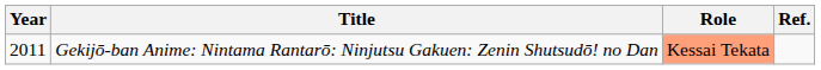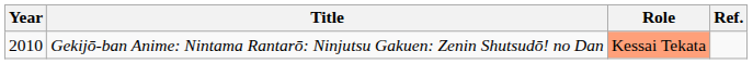 <table class="wikitable">
 <tr>
 <th>Year</th>
 <th>Title</th>
 <th>Role</th>
 <th>Ref.</th>
 </tr>
 <tr>
-<td>2011</td>
+<td>2010</td>
 <td><em>Gekijō-ban Anime: Nintama Rantarō: Ninjutsu Gakuen: Zenin Shutsudō! no Dan</em></td>
 <td style="background: lightsalmon;">Kessai Tekata</td>
 <td></td>
 </tr>
 </table>
